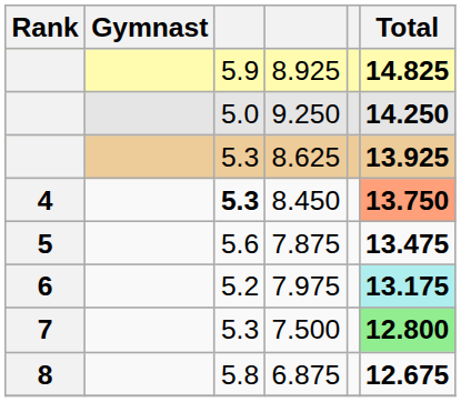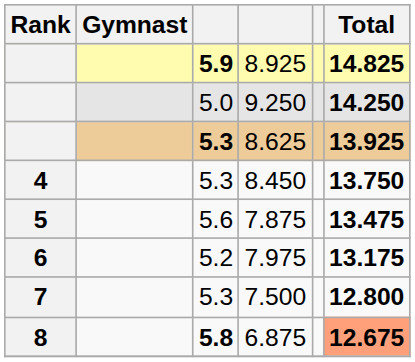 <table class="wikitable sortable" style="text-align:center; font-size:95%">
 <tr>
 <th scope=col>Rank</th>
 <th scope=col>Gymnast</th>
 <th scope=col></th>
 <th scope=col></th>
 <th scope=col></th>
 <th scope=col>Total</th>
 </tr>
 <tr bgcolor=fffcaf>
 <th scope=row style="text-align:center"></th>
 <td align=left></td>
-<td>5.9</td>
+<td><strong>5.9</strong></td>
 <td>8.925</td>
 <td></td>
 <td><strong>14.825</strong></td>
 </tr>
 <tr bgcolor=e5e5e5>
 <th scope=row style="text-align:center"></th>
 <td align=left></td>
 <td>5.0</td>
 <td>9.250</td>
 <td></td>
 <td><strong>14.250</strong></td>
 </tr>
 <tr bgcolor=eecc99>
 <th scope=row style="text-align:center"></th>
 <td align=left></td>
-<td>5.3</td>
+<td><strong>5.3</strong></td>
 <td>8.625</td>
 <td></td>
 <td><strong>13.925</strong></td>
 </tr>
 <tr>
 <th scope=row style="text-align:center">4</th>
 <td align=left></td>
-<td><strong>5.3</strong></td>
+<td>5.3</td>
 <td>8.450</td>
 <td></td>
-<td style="background: lightsalmon;"><strong>13.750</strong></td>
+<td><strong>13.750</strong></td>
 </tr>
 <tr>
 <th scope=row style="text-align:center">5</th>
 <td align=left></td>
 <td>5.6</td>
 <td>7.875</td>
 <td></td>
 <td><strong>13.475</strong></td>
 </tr>
 <tr>
 <th scope=row style="text-align:center">6</th>
 <td align=left></td>
 <td>5.2</td>
 <td>7.975</td>
 <td></td>
-<td style="background: paleturquoise;"><strong>13.175</strong></td>
+<td><strong>13.175</strong></td>
 </tr>
 <tr>
 <th scope=row style="text-align:center">7</th>
 <td align=left></td>
 <td>5.3</td>
 <td>7.500</td>
 <td></td>
-<td style="background: lightgreen;"><strong>12.800</strong></td>
+<td><strong>12.800</strong></td>
 </tr>
 <tr>
 <th scope=row style="text-align:center">8</th>
 <td align=left></td>
-<td>5.8</td>
+<td><strong>5.8</strong></td>
 <td>6.875</td>
 <td></td>
-<td><strong>12.675</strong></td>
+<td style="background: lightsalmon;"><strong>12.675</strong></td>
 </tr>
 <tr>
 </tr>
 </table>
